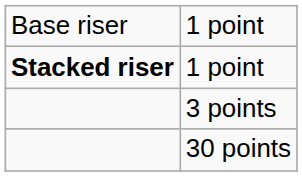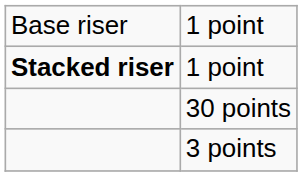 <table class="wikitable" style="float:right">
 <tr>
 <td>Base riser</td>
 <td>1 point</td>
 </tr>
 <tr>
 <td><strong>Stacked riser</strong></td>
 <td>1 point</td>
 </tr>
 <tr>
 <td></td>
-<td>3 points</td>
+<td>30 points</td>
 </tr>
 <tr>
 <td></td>
-<td>30 points</td>
+<td>3 points</td>
 </tr>
 </table>
